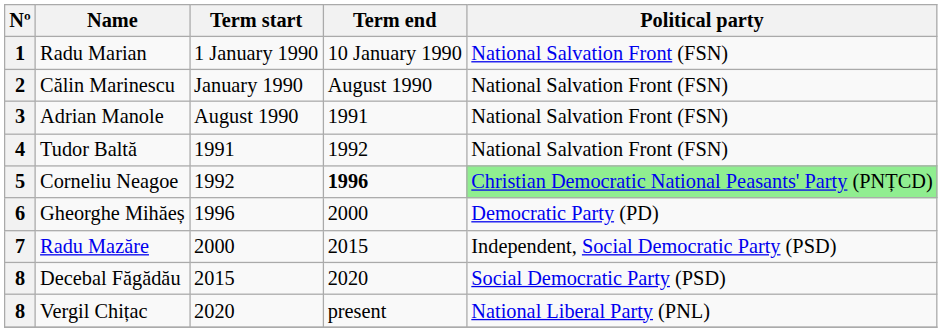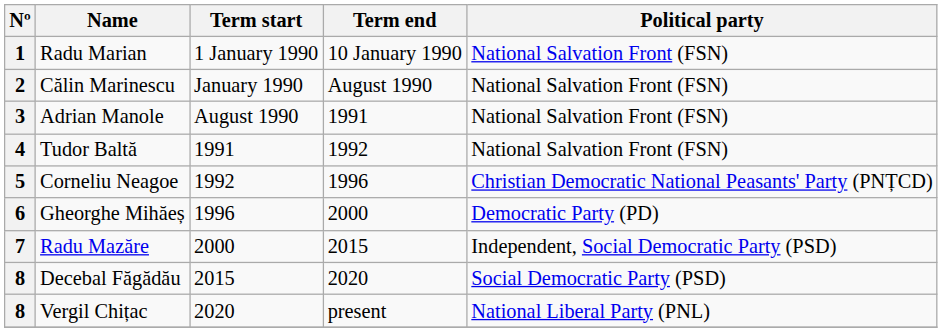 <table class="wikitable">
 <tr>
 <th colspan=1>Nº</th>
 <th colspan=1>Name</th>
 <th colspan=1>Term start</th>
 <th colspan=1>Term end</th>
 <th colspan=1>Political party</th>
 </tr>
 <tr>
 <th>1</th>
 <td>Radu Marian</td>
 <td>1 January 1990</td>
 <td>10 January 1990</td>
 <td><a href='#'>National Salvation Front</a> (FSN)</td>
 </tr>
 <tr>
 <th>2</th>
 <td>Călin Marinescu</td>
 <td>January 1990</td>
 <td>August 1990</td>
 <td>National Salvation Front (FSN)</td>
 </tr>
 <tr>
 <th>3</th>
 <td>Adrian Manole</td>
 <td>August 1990</td>
 <td>1991</td>
 <td>National Salvation Front (FSN)</td>
 </tr>
 <tr>
 <th>4</th>
 <td>Tudor Baltă</td>
 <td>1991</td>
 <td>1992</td>
 <td>National Salvation Front (FSN)</td>
 </tr>
 <tr>
 <th>5</th>
 <td>Corneliu Neagoe</td>
 <td>1992</td>
-<td><strong>1996</strong></td>
-<td style="background: lightgreen;"><a href='#'>Christian Democratic National Peasants' Party</a> (PNȚCD)</td>
+<td>1996</td>
+<td><a href='#'>Christian Democratic National Peasants' Party</a> (PNȚCD)</td>
 </tr>
 <tr>
 <th>6</th>
 <td>Gheorghe Mihăeș</td>
 <td>1996</td>
 <td>2000</td>
 <td><a href='#'>Democratic Party</a> (PD)</td>
 </tr>
 <tr>
 <th>7</th>
 <td><a href='#'>Radu Mazăre</a></td>
 <td>2000</td>
 <td>2015</td>
 <td>Independent, <a href='#'>Social Democratic Party</a> (PSD)</td>
 </tr>
 <tr>
 <th>8</th>
 <td>Decebal Făgădău</td>
 <td>2015</td>
 <td>2020</td>
 <td><a href='#'>Social Democratic Party</a> (PSD)</td>
 </tr>
 <tr>
 <th>8</th>
 <td>Vergil Chițac</td>
 <td>2020</td>
 <td>present</td>
 <td><a href='#'>National Liberal Party</a> (PNL)</td>
 </tr>
 <tr>
 </tr>
 </table>
